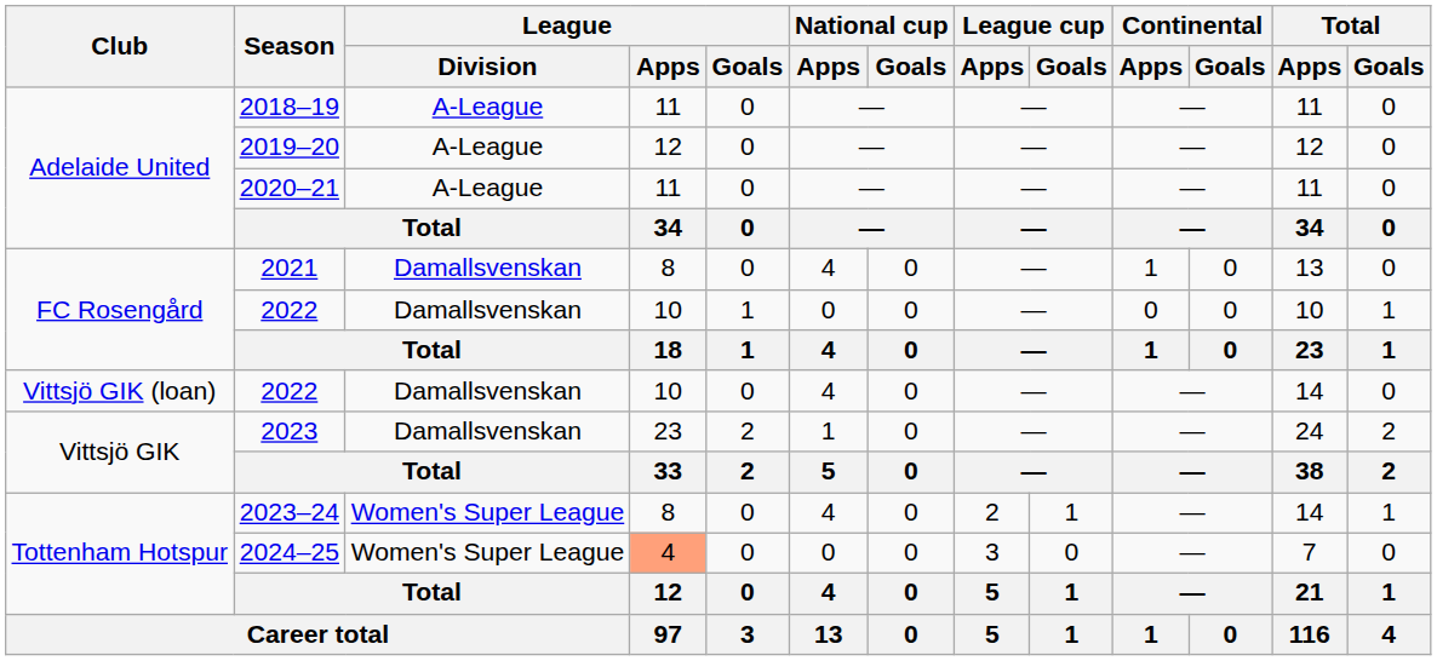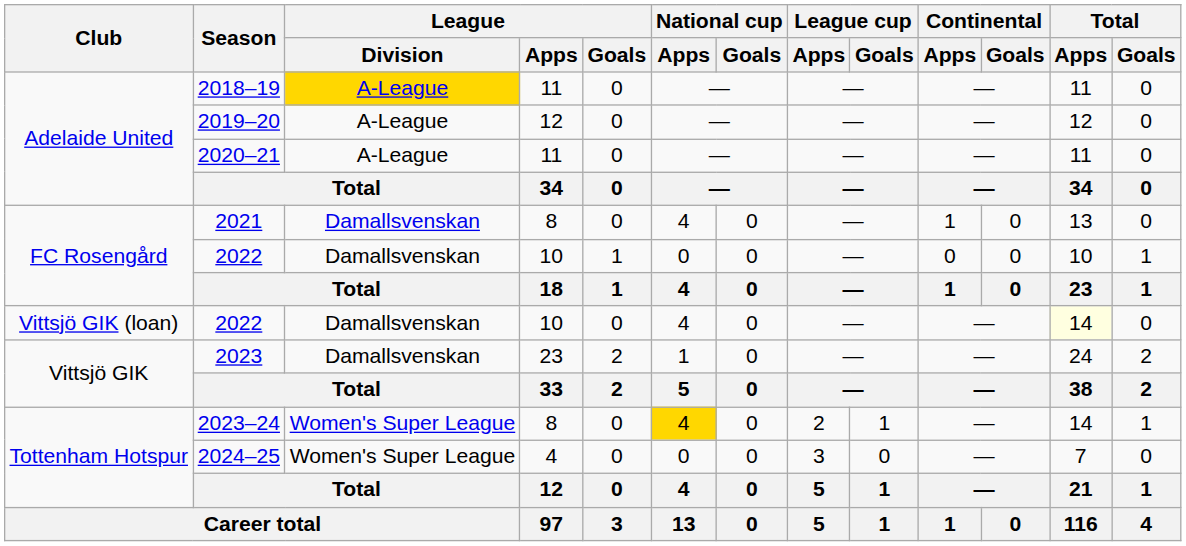 <table class="wikitable" style="text-align: center">
 <tr>
 <th rowspan="2">Club</th>
 <th rowspan="2">Season</th>
 <th colspan="3">League</th>
 <th colspan="2">National cup</th>
 <th colspan="2">League cup</th>
 <th colspan="2">Continental</th>
 <th colspan="2">Total</th>
 </tr>
 <tr>
 <th>Division</th>
 <th>Apps</th>
 <th>Goals</th>
 <th>Apps</th>
 <th>Goals</th>
 <th>Apps</th>
 <th>Goals</th>
 <th>Apps</th>
 <th>Goals</th>
 <th>Apps</th>
 <th>Goals</th>
 </tr>
 <tr>
 <td rowspan="4"><a href='#'>Adelaide United</a></td>
 <td><a href='#'>2018–19</a></td>
-<td><a href='#'>A-League</a></td>
+<td style="background: gold;"><a href='#'>A-League</a></td>
 <td>11</td>
 <td>0</td>
 <td colspan="2">—</td>
 <td colspan="2">—</td>
 <td colspan="2">—</td>
 <td>11</td>
 <td>0</td>
 </tr>
 <tr>
 <td><a href='#'>2019–20</a></td>
 <td>A-League</td>
 <td>12</td>
 <td>0</td>
 <td colspan="2">—</td>
 <td colspan="2">—</td>
 <td colspan="2">—</td>
 <td>12</td>
 <td>0</td>
 </tr>
 <tr>
 <td><a href='#'>2020–21</a></td>
 <td>A-League</td>
 <td>11</td>
 <td>0</td>
 <td colspan="2">—</td>
 <td colspan="2">—</td>
 <td colspan="2">—</td>
 <td>11</td>
 <td>0</td>
 </tr>
 <tr>
 <th colspan="2">Total</th>
 <th>34</th>
 <th>0</th>
 <th colspan="2">—</th>
 <th colspan="2">—</th>
 <th colspan="2">—</th>
 <th>34</th>
 <th>0</th>
 </tr>
 <tr>
 <td rowspan="3"><a href='#'>FC Rosengård</a></td>
 <td><a href='#'>2021</a></td>
 <td><a href='#'>Damallsvenskan</a></td>
 <td>8</td>
 <td>0</td>
 <td>4</td>
 <td>0</td>
 <td colspan="2">—</td>
 <td>1</td>
 <td>0</td>
 <td>13</td>
 <td>0</td>
 </tr>
 <tr>
 <td><a href='#'>2022</a></td>
 <td>Damallsvenskan</td>
 <td>10</td>
 <td>1</td>
 <td>0</td>
 <td>0</td>
 <td colspan="2">—</td>
 <td>0</td>
 <td>0</td>
 <td>10</td>
 <td>1</td>
 </tr>
 <tr>
 <th colspan="2">Total</th>
 <th>18</th>
 <th>1</th>
 <th>4</th>
 <th>0</th>
 <th colspan="2">—</th>
 <th>1</th>
 <th>0</th>
 <th>23</th>
 <th>1</th>
 </tr>
 <tr>
 <td><a href='#'>Vittsjö GIK</a> (loan)</td>
 <td><a href='#'>2022</a></td>
 <td>Damallsvenskan</td>
 <td>10</td>
 <td>0</td>
 <td>4</td>
 <td>0</td>
 <td colspan="2">—</td>
 <td colspan="2">—</td>
-<td>14</td>
+<td style="background: lightyellow;">14</td>
 <td>0</td>
 </tr>
 <tr>
 <td rowspan="2">Vittsjö GIK</td>
 <td><a href='#'>2023</a></td>
 <td>Damallsvenskan</td>
 <td>23</td>
 <td>2</td>
 <td>1</td>
 <td>0</td>
 <td colspan="2">—</td>
 <td colspan="2">—</td>
 <td>24</td>
 <td>2</td>
 </tr>
 <tr>
 <th colspan="2">Total</th>
 <th>33</th>
 <th>2</th>
 <th>5</th>
 <th>0</th>
 <th colspan="2">—</th>
 <th colspan="2">—</th>
 <th>38</th>
 <th>2</th>
 </tr>
 <tr>
 <td rowspan="3"><a href='#'>Tottenham Hotspur</a></td>
 <td><a href='#'>2023–24</a></td>
 <td><a href='#'>Women's Super League</a></td>
 <td>8</td>
 <td>0</td>
-<td>4</td>
+<td style="background: gold;">4</td>
 <td>0</td>
 <td>2</td>
 <td>1</td>
 <td colspan="2">—</td>
 <td>14</td>
 <td>1</td>
 </tr>
 <tr>
 <td><a href='#'>2024–25</a></td>
 <td>Women's Super League</td>
-<td style="background: lightsalmon;">4</td>
+<td>4</td>
 <td>0</td>
 <td>0</td>
 <td>0</td>
 <td>3</td>
 <td>0</td>
 <td colspan="2">—</td>
 <td>7</td>
 <td>0</td>
 </tr>
 <tr>
 <th colspan="2">Total</th>
 <th>12</th>
 <th>0</th>
 <th>4</th>
 <th>0</th>
 <th>5</th>
 <th>1</th>
 <th colspan="2">—</th>
 <th>21</th>
 <th>1</th>
 </tr>
 <tr>
 <th colspan="3">Career total</th>
 <th>97</th>
 <th>3</th>
 <th>13</th>
 <th>0</th>
 <th>5</th>
 <th>1</th>
 <th>1</th>
 <th>0</th>
 <th>116</th>
 <th>4</th>
 </tr>
 </table>
